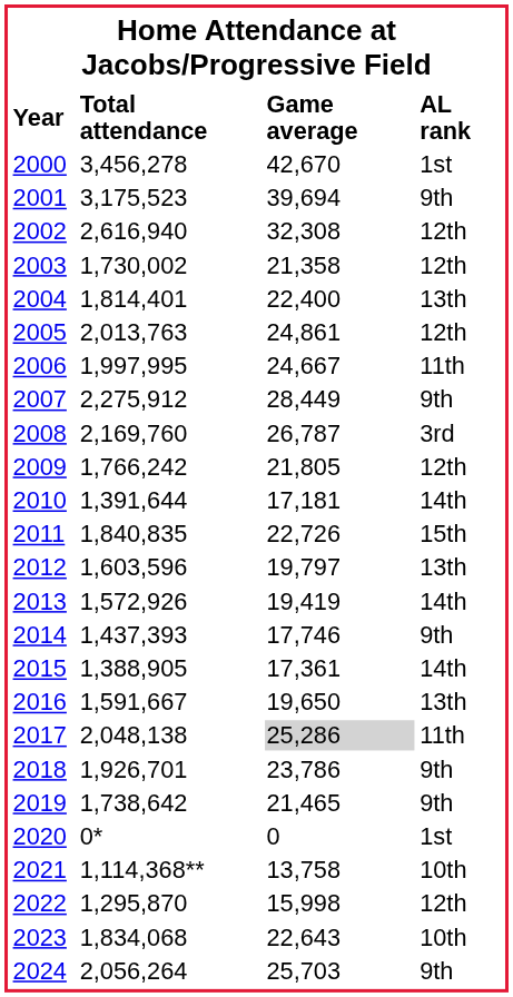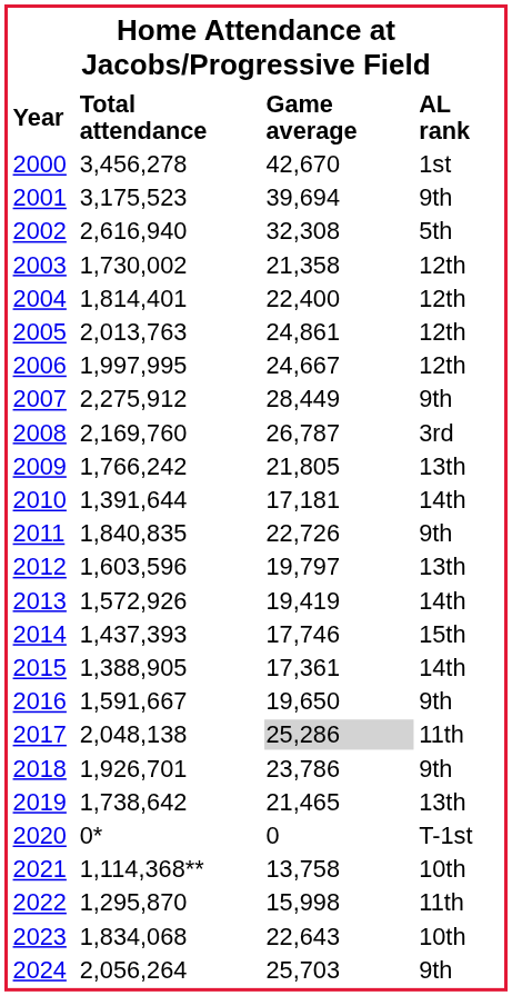 <table cellpadding="1" style="width:300px; font-size:90%; border:2px solid #E31937;">
 <tr style="text-align:center; font-size:larger;">
 <td colspan=5><strong>Home Attendance at Jacobs/Progressive Field</strong></td>
 </tr>
 <tr style=>
 <td><strong>Year</strong></td>
 <td><strong>Total attendance</strong></td>
 <td><strong>Game average</strong></td>
 <td><strong>AL rank</strong></td>
 </tr>
 <tr>
 <td><a href='#'>2000</a></td>
 <td>3,456,278</td>
 <td>42,670</td>
 <td>1st</td>
 </tr>
 <tr>
 <td><a href='#'>2001</a></td>
 <td>3,175,523</td>
 <td>39,694</td>
 <td>9th</td>
 </tr>
 <tr>
 <td><a href='#'>2002</a></td>
 <td>2,616,940</td>
 <td>32,308</td>
-<td>12th</td>
+<td>5th</td>
 </tr>
 <tr>
 <td><a href='#'>2003</a></td>
 <td>1,730,002</td>
 <td>21,358</td>
 <td>12th</td>
 </tr>
 <tr>
 <td><a href='#'>2004</a></td>
 <td>1,814,401</td>
 <td>22,400</td>
-<td>13th</td>
+<td>12th</td>
 </tr>
 <tr>
 <td><a href='#'>2005</a></td>
 <td>2,013,763</td>
 <td>24,861</td>
 <td>12th</td>
 </tr>
 <tr>
 <td><a href='#'>2006</a></td>
 <td>1,997,995</td>
 <td>24,667</td>
-<td>11th</td>
+<td>12th</td>
 </tr>
 <tr>
 <td><a href='#'>2007</a></td>
 <td>2,275,912</td>
 <td>28,449</td>
 <td>9th</td>
 </tr>
 <tr>
 <td><a href='#'>2008</a></td>
 <td>2,169,760</td>
 <td>26,787</td>
 <td>3rd</td>
 </tr>
 <tr>
 <td><a href='#'>2009</a></td>
 <td>1,766,242</td>
 <td>21,805</td>
-<td>12th</td>
+<td>13th</td>
 </tr>
 <tr>
 <td><a href='#'>2010</a></td>
 <td>1,391,644</td>
 <td>17,181</td>
 <td>14th</td>
 </tr>
 <tr>
 <td><a href='#'>2011</a></td>
 <td>1,840,835</td>
 <td>22,726</td>
-<td>15th</td>
+<td>9th</td>
 </tr>
 <tr>
 <td><a href='#'>2012</a></td>
 <td>1,603,596</td>
 <td>19,797</td>
 <td>13th</td>
 </tr>
 <tr>
 <td><a href='#'>2013</a></td>
 <td>1,572,926</td>
 <td>19,419</td>
 <td>14th</td>
 </tr>
 <tr>
 <td><a href='#'>2014</a></td>
 <td>1,437,393</td>
 <td>17,746</td>
-<td>9th</td>
+<td>15th</td>
 </tr>
 <tr>
 <td><a href='#'>2015</a></td>
 <td>1,388,905</td>
 <td>17,361</td>
 <td>14th</td>
 </tr>
 <tr>
 <td><a href='#'>2016</a></td>
 <td>1,591,667</td>
 <td>19,650</td>
-<td>13th</td>
+<td>9th</td>
 </tr>
 <tr>
 <td><a href='#'>2017</a></td>
 <td>2,048,138</td>
 <td style="background: lightgrey;">25,286</td>
 <td>11th</td>
 </tr>
 <tr>
 <td><a href='#'>2018</a></td>
 <td>1,926,701</td>
 <td>23,786</td>
 <td>9th</td>
 </tr>
 <tr>
 <td><a href='#'>2019</a></td>
 <td>1,738,642</td>
 <td>21,465</td>
-<td>9th</td>
+<td>13th</td>
 </tr>
 <tr>
 <td><a href='#'>2020</a></td>
 <td>0*</td>
 <td>0</td>
-<td>1st</td>
+<td>T-1st</td>
 </tr>
 <tr>
 <td><a href='#'>2021</a></td>
 <td>1,114,368**</td>
 <td>13,758</td>
 <td>10th</td>
 </tr>
 <tr>
 <td><a href='#'>2022</a></td>
 <td>1,295,870</td>
 <td>15,998</td>
-<td>12th</td>
+<td>11th</td>
 </tr>
 <tr>
 <td><a href='#'>2023</a></td>
 <td>1,834,068</td>
 <td>22,643</td>
 <td>10th</td>
 </tr>
 <tr>
 <td><a href='#'>2024</a></td>
 <td>2,056,264</td>
 <td>25,703</td>
 <td>9th</td>
 </tr>
 </table>
